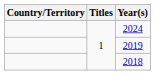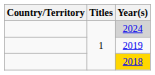 <table class="wikitable sortable" style="font-size: 85%;">
 <tr>
 <th>Country/Territory</th>
 <th>Titles</th>
 <th>Year(s)</th>
 </tr>
 <tr>
 <td></td>
 <td rowspan="3" style="text-align:center;">1</td>
-<td style="text-align:center;"><a href='#'>2024</a></td>
+<td style="background: lightgrey; text-align:center;"><a href='#'>2024</a></td>
 </tr>
 <tr>
 <td></td>
 <td style="text-align:center;"><a href='#'>2019</a></td>
 </tr>
 <tr>
 <td></td>
-<td style="text-align:center;"><a href='#'>2018</a></td>
+<td style="background: gold; text-align:center;"><a href='#'>2018</a></td>
 </tr>
 </table>
